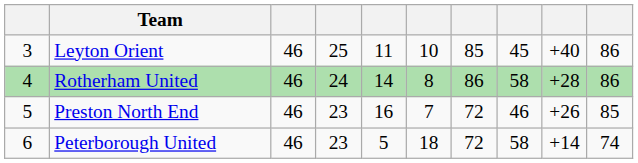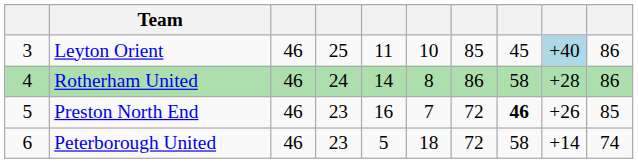 <table class="wikitable" style="text-align:center">
 <tr>
 <th width="30"></th>
 <th width="175">Team</th>
 <th width="30"></th>
 <th width="30"></th>
 <th width="30"></th>
 <th width="30"></th>
 <th width="30"></th>
 <th width="30"></th>
 <th width="30"></th>
 <th width="30"></th>
 </tr>
 <tr>
 <td>3</td>
 <td style="text-align:left;"><a href='#'>Leyton Orient</a></td>
 <td>46</td>
 <td>25</td>
 <td>11</td>
 <td>10</td>
 <td>85</td>
 <td>45</td>
-<td>+40</td>
+<td style="background: lightblue;">+40</td>
 <td>86</td>
 </tr>
 <tr style="background:#addfad;">
 <td>4</td>
 <td style="text-align:left;"><a href='#'>Rotherham United</a></td>
 <td>46</td>
 <td>24</td>
 <td>14</td>
 <td>8</td>
 <td>86</td>
 <td>58</td>
 <td>+28</td>
 <td>86</td>
 </tr>
 <tr>
 <td>5</td>
 <td style="text-align:left;"><a href='#'>Preston North End</a></td>
 <td>46</td>
 <td>23</td>
 <td>16</td>
 <td>7</td>
 <td>72</td>
-<td>46</td>
+<td><strong>46</strong></td>
 <td>+26</td>
 <td>85</td>
 </tr>
 <tr>
 <td>6</td>
 <td style="text-align:left;"><a href='#'>Peterborough United</a></td>
 <td>46</td>
 <td>23</td>
 <td>5</td>
 <td>18</td>
 <td>72</td>
 <td>58</td>
 <td>+14</td>
 <td>74</td>
 </tr>
 </table>
